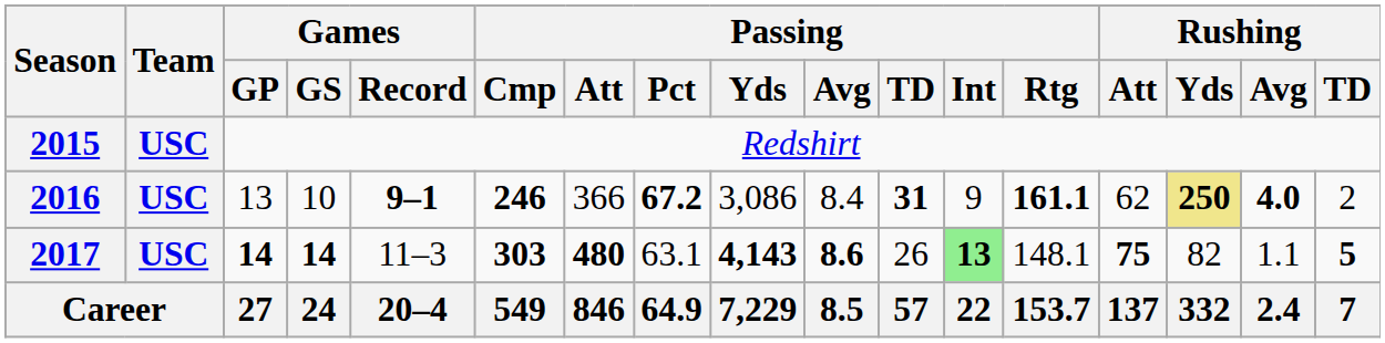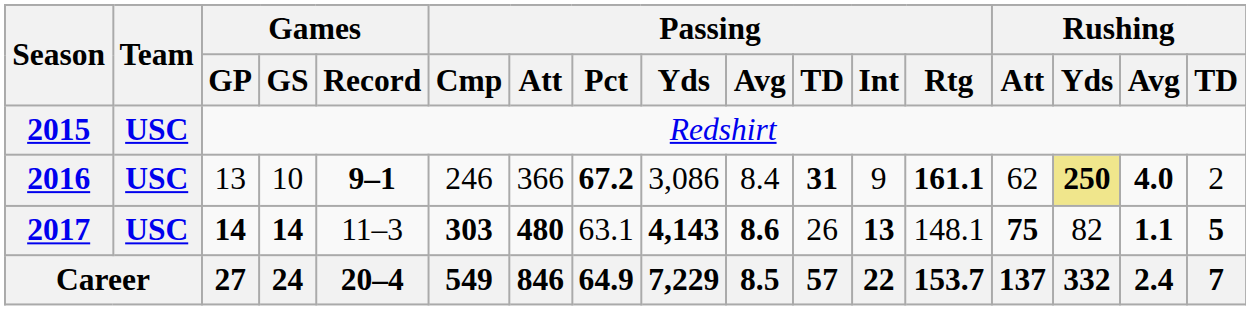 <table class="wikitable" style="text-align:center">
 <tr>
 <th rowspan="2">Season</th>
 <th rowspan="2">Team</th>
 <th colspan="3">Games</th>
 <th colspan="8">Passing</th>
 <th colspan="5">Rushing</th>
 </tr>
 <tr>
 <th>GP</th>
 <th>GS</th>
 <th>Record</th>
 <th>Cmp</th>
 <th>Att</th>
 <th>Pct</th>
 <th>Yds</th>
 <th>Avg</th>
 <th>TD</th>
 <th>Int</th>
 <th>Rtg</th>
 <th>Att</th>
 <th>Yds</th>
 <th>Avg</th>
 <th>TD</th>
 </tr>
 <tr>
 <th><a href='#'>2015</a></th>
 <th><a href='#'>USC</a></th>
 <td colspan="15"><em><a href='#'>Redshirt</a> </em></td>
 </tr>
 <tr>
 <th><a href='#'>2016</a></th>
 <th><a href='#'>USC</a></th>
 <td>13</td>
 <td>10</td>
 <td><strong>9–1</strong></td>
-<td><strong>246</strong></td>
+<td>246</td>
 <td>366</td>
 <td><strong>67.2</strong></td>
 <td>3,086</td>
 <td>8.4</td>
 <td><strong>31</strong></td>
 <td>9</td>
 <td><strong>161.1</strong></td>
 <td>62</td>
 <td style="background: khaki;"><strong>250</strong></td>
 <td><strong>4.0</strong></td>
 <td>2</td>
 </tr>
 <tr>
 <th><a href='#'>2017</a></th>
 <th><a href='#'>USC</a></th>
 <td><strong>14</strong></td>
 <td><strong>14</strong></td>
 <td>11–3</td>
 <td><strong>303</strong></td>
 <td><strong>480</strong></td>
 <td>63.1</td>
 <td><strong>4,143</strong></td>
 <td><strong>8.6</strong></td>
 <td>26</td>
-<td style="background: lightgreen;"><strong>13</strong></td>
+<td><strong>13</strong></td>
 <td>148.1</td>
 <td><strong>75</strong></td>
 <td>82</td>
-<td>1.1</td>
+<td><strong>1.1</strong></td>
 <td><strong>5</strong></td>
 </tr>
 <tr>
 <th colspan="2">Career</th>
 <th>27</th>
 <th>24</th>
 <th>20–4</th>
 <th>549</th>
 <th>846</th>
 <th>64.9</th>
 <th>7,229</th>
 <th>8.5</th>
 <th>57</th>
 <th>22</th>
 <th>153.7</th>
 <th>137</th>
 <th>332</th>
 <th>2.4</th>
 <th>7</th>
 </tr>
 </table>
